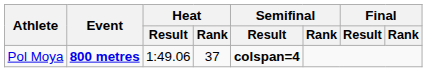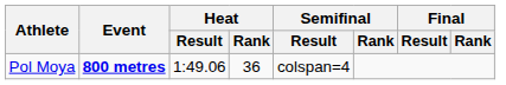 <table class=wikitable style=font-size:90%>
 <tr>
 <th rowspan=2>Athlete</th>
 <th rowspan=2>Event</th>
 <th colspan=2>Heat</th>
 <th colspan=2>Semifinal</th>
 <th colspan=2>Final</th>
 </tr>
 <tr style=font-size:95%>
 <th>Result</th>
 <th>Rank</th>
 <th>Result</th>
 <th>Rank</th>
 <th>Result</th>
 <th>Rank</th>
 </tr>
 <tr align=center>
 <td align=left><a href='#'>Pol Moya</a></td>
 <td align=left><strong><a href='#'>800 metres</a></strong></td>
 <td>1:49.06</td>
-<td>37</td>
-<td><strong>colspan=4 </strong></td>
+<td>36</td>
+<td>colspan=4 </td>
 </tr>
 </table>
